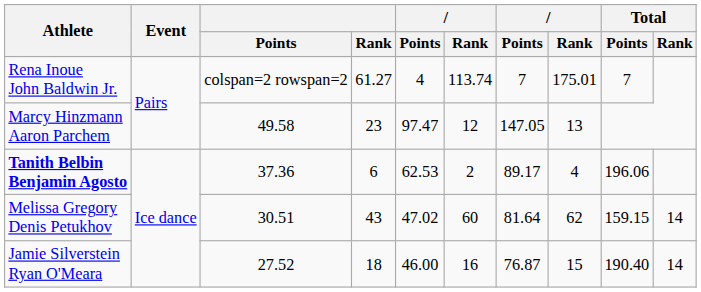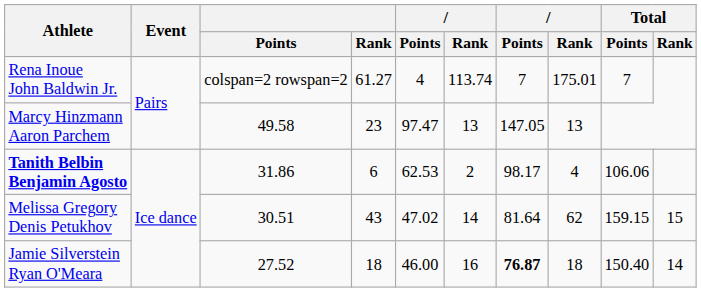 <table class=wikitable style=font-size:90%;text-align:center>
 <tr>
 <th rowspan=2>Athlete</th>
 <th rowspan=2>Event</th>
 <th colspan=2></th>
 <th colspan=2>/</th>
 <th colspan=2>/</th>
 <th colspan=2>Total</th>
 </tr>
 <tr style=font-size:95%>
 <th>Points</th>
 <th>Rank</th>
 <th>Points</th>
 <th>Rank</th>
 <th>Points</th>
 <th>Rank</th>
 <th>Points</th>
 <th>Rank</th>
 </tr>
 <tr>
 <td align=left><a href='#'>Rena Inoue</a><br><a href='#'>John Baldwin Jr.</a></td>
 <td align=left rowspan=2><a href='#'>Pairs</a></td>
 <td>colspan=2 rowspan=2 </td>
 <td>61.27</td>
 <td>4</td>
 <td>113.74</td>
 <td>7</td>
 <td>175.01</td>
 <td>7</td>
 </tr>
 <tr>
 <td align=left><a href='#'>Marcy Hinzmann</a><br><a href='#'>Aaron Parchem</a></td>
 <td>49.58</td>
 <td>23</td>
 <td>97.47</td>
-<td>12</td>
+<td>13</td>
 <td>147.05</td>
 <td>13</td>
 </tr>
 <tr>
 <td align=left><strong><a href='#'>Tanith Belbin</a><br><a href='#'>Benjamin Agosto</a></strong></td>
 <td align=left rowspan=3><a href='#'>Ice dance</a></td>
-<td>37.36</td>
+<td>31.86</td>
 <td>6</td>
 <td>62.53</td>
 <td>2</td>
-<td>89.17</td>
+<td>98.17</td>
 <td>4</td>
-<td>196.06</td>
+<td>106.06</td>
 <td></td>
 </tr>
 <tr>
 <td align=left><a href='#'>Melissa Gregory</a><br><a href='#'>Denis Petukhov</a></td>
 <td>30.51</td>
 <td>43</td>
 <td>47.02</td>
-<td>60</td>
+<td>14</td>
 <td>81.64</td>
 <td>62</td>
 <td>159.15</td>
-<td>14</td>
+<td>15</td>
 </tr>
 <tr>
 <td align=left><a href='#'>Jamie Silverstein</a><br><a href='#'>Ryan O'Meara</a></td>
 <td>27.52</td>
 <td>18</td>
 <td>46.00</td>
 <td>16</td>
-<td>76.87</td>
-<td>15</td>
-<td>190.40</td>
+<td><strong>76.87</strong></td>
+<td>18</td>
+<td>150.40</td>
 <td>14</td>
 </tr>
 </table>
